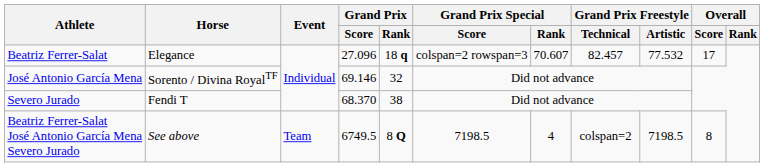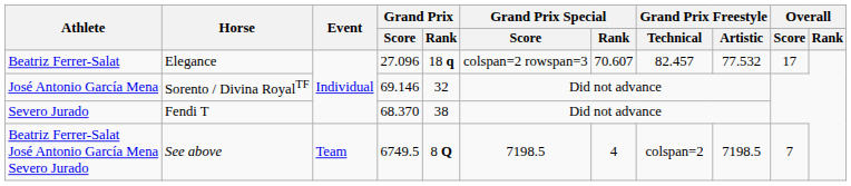 <table class=wikitable style=font-size:90%;>
 <tr>
 <th rowspan="2">Athlete</th>
 <th rowspan="2">Horse</th>
 <th rowspan="2">Event</th>
 <th colspan="2">Grand Prix</th>
 <th colspan="2">Grand Prix Special</th>
 <th colspan="2">Grand Prix Freestyle</th>
 <th colspan="2">Overall</th>
 </tr>
 <tr style="font-size:95%">
 <th>Score</th>
 <th>Rank</th>
 <th>Score</th>
 <th>Rank</th>
 <th>Technical</th>
 <th>Artistic</th>
 <th>Score</th>
 <th>Rank</th>
 </tr>
 <tr align=center>
 <td align=left><a href='#'>Beatriz Ferrer-Salat</a></td>
 <td align=left>Elegance</td>
 <td rowspan=3 align=left><a href='#'>Individual</a></td>
 <td>27.096</td>
 <td>18 <strong>q</strong></td>
 <td>colspan=2 rowspan=3 </td>
 <td>70.607</td>
 <td>82.457</td>
 <td>77.532</td>
 <td>17</td>
 </tr>
 <tr align=center>
 <td align=left><a href='#'>José Antonio García Mena</a></td>
 <td align=left>Sorento / Divina Royal<sup>TF</sup></td>
 <td>69.146</td>
 <td>32</td>
 <td colspan=4>Did not advance</td>
 </tr>
 <tr align=center>
 <td align=left><a href='#'>Severo Jurado</a></td>
 <td align=left>Fendi T</td>
 <td>68.370</td>
 <td>38</td>
 <td colspan=4>Did not advance</td>
 </tr>
 <tr align=center>
 <td align=left><a href='#'>Beatriz Ferrer-Salat</a><br><a href='#'>José Antonio García Mena</a><br><a href='#'>Severo Jurado</a></td>
 <td align=left><em>See above</em></td>
 <td align=left><a href='#'>Team</a></td>
 <td>6749.5</td>
 <td>8 <strong>Q</strong></td>
 <td>7198.5</td>
 <td>4</td>
 <td>colspan=2 </td>
 <td>7198.5</td>
-<td>8</td>
+<td>7</td>
 </tr>
 </table>
